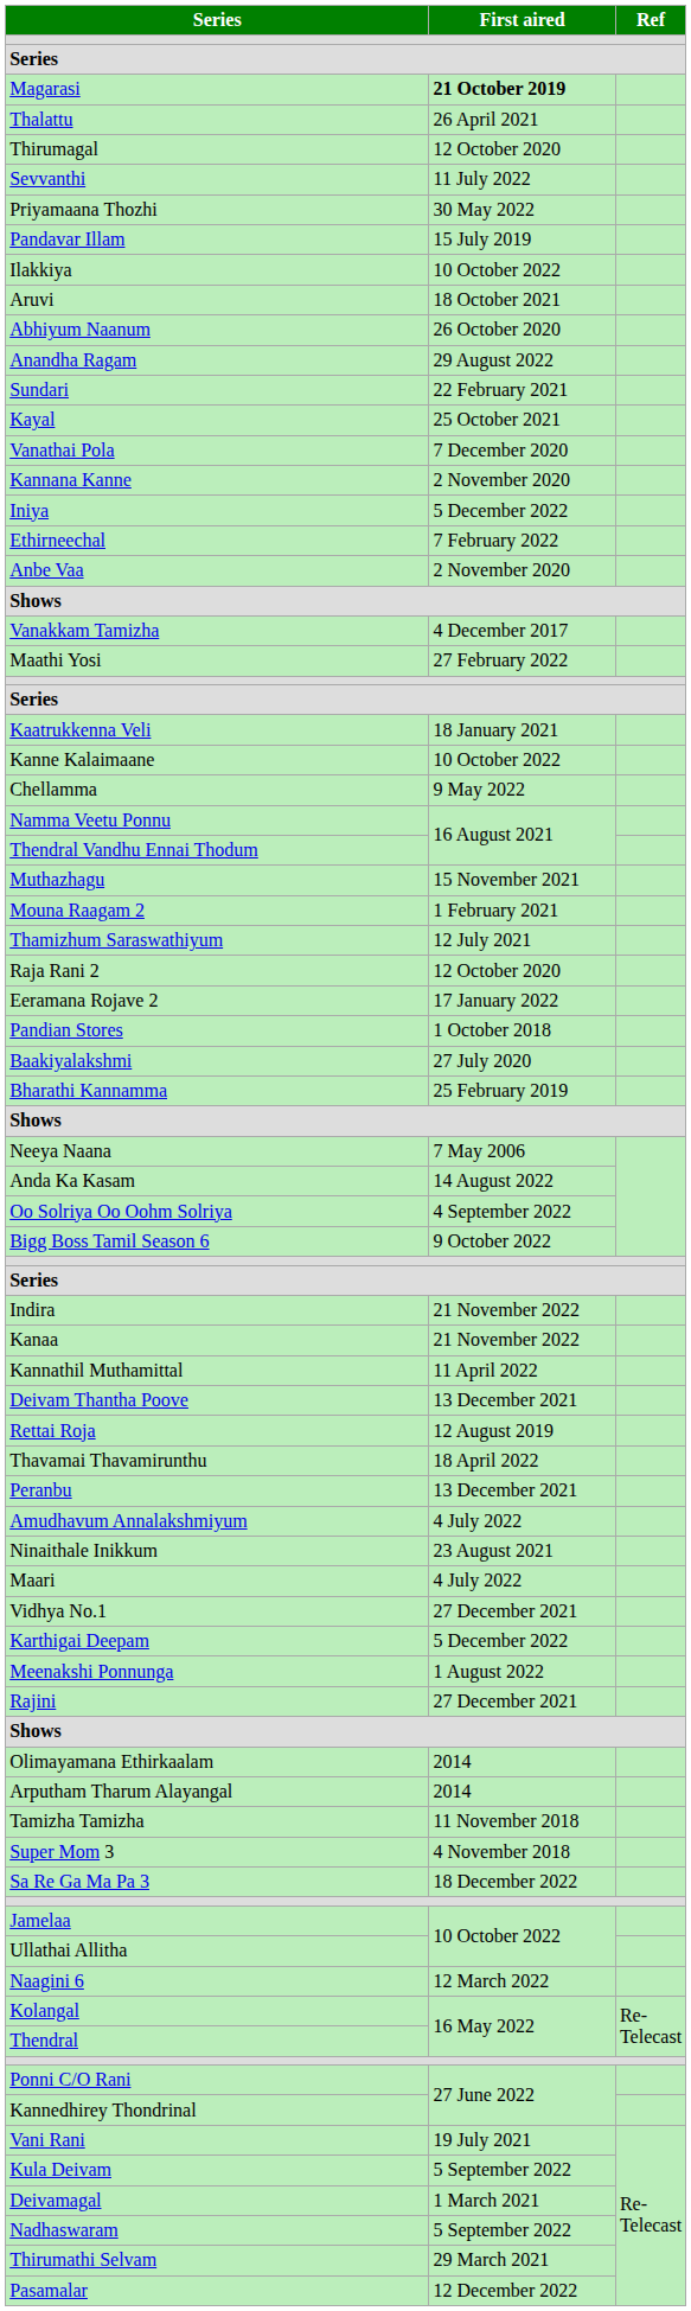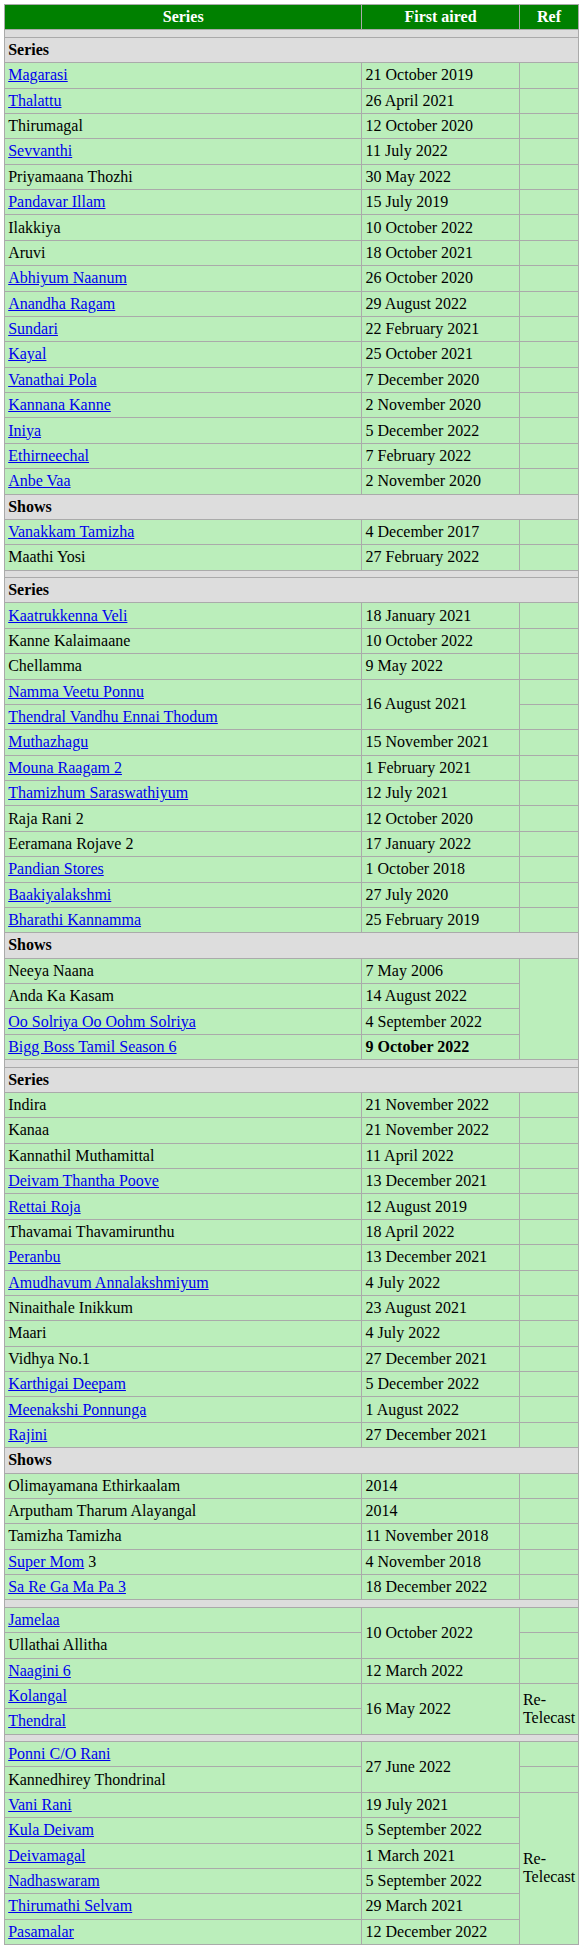 <table class="wikitable" style="background:#BEB">
 <tr>
 <th style="background:green; color:white; width:350px;">Series</th>
 <th style="background:green; color:white; width:150px;">First aired</th>
 <th style="background:green; color:white; width:50px;">Ref</th>
 </tr>
 <tr>
 <td colspan="17" style="background:#DDD;"><strong></strong></td>
 </tr>
 <tr>
 <td colspan="4" style= "background:#DDD;"><strong>Series</strong></td>
 </tr>
 <tr>
 <td><a href='#'>Magarasi</a></td>
-<td><strong>21 October 2019</strong></td>
+<td>21 October 2019</td>
 <td></td>
 </tr>
 <tr>
 <td><a href='#'>Thalattu</a></td>
 <td>26 April 2021</td>
 <td></td>
 </tr>
 <tr>
 <td>Thirumagal</td>
 <td>12 October 2020</td>
 <td></td>
 </tr>
 <tr>
 <td><a href='#'>Sevvanthi</a></td>
 <td>11 July 2022</td>
 <td></td>
 </tr>
 <tr>
 <td>Priyamaana Thozhi</td>
 <td>30 May 2022</td>
 <td></td>
 </tr>
 <tr>
 <td><a href='#'>Pandavar Illam</a></td>
 <td>15 July 2019</td>
 <td></td>
 </tr>
 <tr>
 <td>Ilakkiya</td>
 <td>10 October 2022</td>
 <td></td>
 </tr>
 <tr>
 <td>Aruvi</td>
 <td>18 October 2021</td>
 <td></td>
 </tr>
 <tr>
 <td><a href='#'>Abhiyum Naanum</a></td>
 <td>26 October 2020</td>
 <td></td>
 </tr>
 <tr>
 <td><a href='#'>Anandha Ragam</a></td>
 <td>29 August 2022</td>
 <td></td>
 </tr>
 <tr>
 <td><a href='#'>Sundari</a></td>
 <td>22 February 2021</td>
 <td></td>
 </tr>
 <tr>
 <td><a href='#'>Kayal</a></td>
 <td>25 October 2021</td>
 <td></td>
 </tr>
 <tr>
 <td><a href='#'>Vanathai Pola</a></td>
 <td>7 December 2020</td>
 <td></td>
 </tr>
 <tr>
 <td><a href='#'>Kannana Kanne</a></td>
 <td>2 November 2020</td>
 <td></td>
 </tr>
 <tr>
 <td><a href='#'>Iniya</a></td>
 <td>5 December 2022</td>
 <td></td>
 </tr>
 <tr>
 <td><a href='#'>Ethirneechal</a></td>
 <td>7 February 2022</td>
 <td></td>
 </tr>
 <tr>
 <td><a href='#'>Anbe Vaa</a></td>
 <td>2 November 2020</td>
 <td></td>
 </tr>
 <tr>
 <td colspan="4" style= "background:#DDD;"><strong>Shows</strong></td>
 </tr>
 <tr>
 <td><a href='#'>Vanakkam Tamizha</a></td>
 <td>4 December 2017</td>
 <td></td>
 </tr>
 <tr>
 <td>Maathi Yosi</td>
 <td>27 February 2022</td>
 <td></td>
 </tr>
 <tr>
 <td colspan="17" style="background:#DDD;"><strong></strong></td>
 </tr>
 <tr>
 <td colspan="4" style= "background:#DDD;"><strong>Series</strong></td>
 </tr>
 <tr>
 <td><a href='#'>Kaatrukkenna Veli</a></td>
 <td>18 January 2021</td>
 <td></td>
 </tr>
 <tr>
 <td>Kanne Kalaimaane</td>
 <td>10 October 2022</td>
 <td></td>
 </tr>
 <tr>
 <td>Chellamma</td>
 <td>9 May 2022</td>
 <td></td>
 </tr>
 <tr>
 <td><a href='#'>Namma Veetu Ponnu</a></td>
 <td rowspan="2">16 August 2021</td>
 <td></td>
 </tr>
 <tr>
 <td><a href='#'>Thendral Vandhu Ennai Thodum</a></td>
 <td></td>
 </tr>
 <tr>
 <td><a href='#'>Muthazhagu</a></td>
 <td>15 November 2021</td>
 <td></td>
 </tr>
 <tr>
 <td><a href='#'>Mouna Raagam 2</a></td>
 <td>1 February 2021</td>
 <td></td>
 </tr>
 <tr>
 <td><a href='#'>Thamizhum Saraswathiyum</a></td>
 <td>12 July 2021</td>
 <td></td>
 </tr>
 <tr>
 <td>Raja Rani 2</td>
 <td>12 October 2020</td>
 <td></td>
 </tr>
 <tr>
 <td>Eeramana Rojave 2</td>
 <td>17 January 2022</td>
 <td></td>
 </tr>
 <tr>
 <td><a href='#'>Pandian Stores</a></td>
 <td>1 October 2018</td>
 <td></td>
 </tr>
 <tr>
 <td><a href='#'>Baakiyalakshmi</a></td>
 <td>27 July 2020</td>
 <td></td>
 </tr>
 <tr>
 <td><a href='#'>Bharathi Kannamma</a></td>
 <td>25 February 2019</td>
 <td></td>
 </tr>
 <tr>
 <td colspan="4" style= "background:#DDD;"><strong>Shows</strong></td>
 </tr>
 <tr>
 <td>Neeya Naana</td>
 <td>7 May 2006</td>
 </tr>
 <tr>
 <td>Anda Ka Kasam</td>
 <td>14 August 2022</td>
 </tr>
 <tr>
 <td><a href='#'>Oo Solriya Oo Oohm Solriya</a></td>
 <td>4 September 2022</td>
 </tr>
 <tr>
 <td><a href='#'>Bigg Boss Tamil Season 6</a></td>
-<td>9 October 2022</td>
+<td><strong>9 October 2022</strong></td>
 </tr>
 <tr>
 <td colspan="14" style="background:#DDD;"></td>
 </tr>
 <tr>
 <td colspan="4" style= "background:#DDD;"><strong>Series</strong></td>
 </tr>
 <tr>
 <td>Indira</td>
 <td>21 November 2022</td>
 <td></td>
 </tr>
 <tr>
 <td>Kanaa</td>
 <td>21 November 2022</td>
 <td></td>
 </tr>
 <tr>
 <td>Kannathil Muthamittal</td>
 <td>11 April 2022</td>
 <td></td>
 </tr>
 <tr>
 <td><a href='#'>Deivam Thantha Poove</a></td>
 <td>13 December 2021</td>
 <td></td>
 </tr>
 <tr>
 <td><a href='#'>Rettai Roja</a></td>
 <td>12 August 2019</td>
 <td></td>
 </tr>
 <tr>
 <td>Thavamai Thavamirunthu</td>
 <td>18 April 2022</td>
 <td></td>
 </tr>
 <tr>
 <td><a href='#'>Peranbu</a></td>
 <td>13 December 2021</td>
 <td></td>
 </tr>
 <tr>
 <td><a href='#'>Amudhavum Annalakshmiyum</a></td>
 <td>4 July 2022</td>
 <td></td>
 </tr>
 <tr>
 <td>Ninaithale Inikkum</td>
 <td>23 August 2021</td>
 <td></td>
 </tr>
 <tr>
 <td>Maari</td>
 <td>4 July 2022</td>
 <td></td>
 </tr>
 <tr>
 <td>Vidhya No.1</td>
 <td>27 December 2021</td>
 <td></td>
 </tr>
 <tr>
 <td><a href='#'>Karthigai Deepam</a></td>
 <td>5 December 2022</td>
 <td></td>
 </tr>
 <tr>
 <td><a href='#'>Meenakshi Ponnunga</a></td>
 <td>1 August 2022</td>
 <td></td>
 </tr>
 <tr>
 <td><a href='#'>Rajini</a></td>
 <td>27 December 2021</td>
 <td></td>
 </tr>
 <tr>
 <td colspan="4" style= "background:#DDD;"><strong>Shows</strong></td>
 </tr>
 <tr>
 <td>Olimayamana Ethirkaalam</td>
 <td>2014</td>
 <td></td>
 </tr>
 <tr>
 <td>Arputham Tharum Alayangal</td>
 <td>2014</td>
 <td></td>
 </tr>
 <tr>
 <td>Tamizha Tamizha</td>
 <td>11 November 2018</td>
 <td></td>
 </tr>
 <tr>
 <td><a href='#'>Super Mom</a> 3</td>
 <td>4 November 2018</td>
 <td></td>
 </tr>
 <tr>
 <td><a href='#'>Sa Re Ga Ma Pa 3</a></td>
 <td>18 December 2022</td>
 <td></td>
 </tr>
 <tr>
 <td colspan="4" style="background:#DDD;"><strong></strong></td>
 </tr>
 <tr>
 <td><a href='#'>Jamelaa</a></td>
 <td rowspan="2">10 October 2022</td>
 <td></td>
 </tr>
 <tr>
 <td>Ullathai Allitha</td>
 <td></td>
 </tr>
 <tr>
 <td><a href='#'>Naagini 6</a></td>
 <td>12 March 2022</td>
 <td></td>
 </tr>
 <tr>
 <td><a href='#'>Kolangal</a></td>
 <td rowspan="2">16 May 2022</td>
 <td rowspan="2">Re-Telecast</td>
 </tr>
 <tr>
 <td><a href='#'>Thendral</a></td>
 </tr>
 <tr>
 <td colspan="4" style="background:#DDD;"><strong></strong></td>
 </tr>
 <tr>
 <td><a href='#'>Ponni C/O Rani</a></td>
 <td rowspan="2">27 June 2022</td>
 <td></td>
 </tr>
 <tr>
 <td>Kannedhirey Thondrinal</td>
 <td></td>
 </tr>
 <tr>
 <td><a href='#'>Vani Rani</a></td>
 <td>19 July 2021</td>
 <td rowspan="6">Re-Telecast</td>
 </tr>
 <tr>
 <td><a href='#'>Kula Deivam</a></td>
 <td>5 September 2022</td>
 </tr>
 <tr>
 <td><a href='#'>Deivamagal</a></td>
 <td>1 March 2021</td>
 </tr>
 <tr>
 <td><a href='#'>Nadhaswaram</a></td>
 <td>5 September 2022</td>
 </tr>
 <tr>
 <td><a href='#'>Thirumathi Selvam</a></td>
 <td>29 March 2021</td>
 </tr>
 <tr>
 <td><a href='#'>Pasamalar</a></td>
 <td>12 December 2022</td>
 </tr>
 <tr>
 </tr>
 </table>
